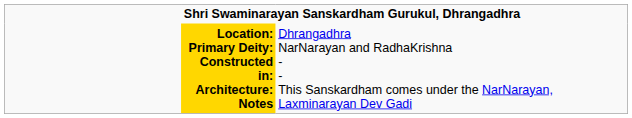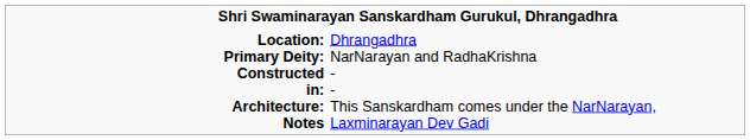 <table class="wikitable plain" border="0" width="800">
 <tr>
 <td width="220px" rowspan="2" style="border:none;"></td>
 <td valign="top" colspan=2 style="border:none;"><strong>Shri Swaminarayan Sanskardham Gurukul, Dhrangadhra</strong></td>
 </tr>
 <tr>
-<td valign="top" style="background: gold; text-align:right; border:none;"><strong>Location:</strong> <br><strong>Primary Deity:</strong><br><strong>Constructed in:</strong><br><strong>Architecture:</strong><br><strong>Notes</strong></td>
+<td valign="top" style="text-align:right; border:none;"><strong>Location:</strong> <br><strong>Primary Deity:</strong><br><strong>Constructed in:</strong><br><strong>Architecture:</strong><br><strong>Notes</strong></td>
 <td valign="top" style="border:none;"><a href='#'>Dhrangadhra</a> <br>NarNarayan and RadhaKrishna <br>- <br>- <br>This Sanskardham comes under the <a href='#'>NarNarayan, Laxminarayan Dev Gadi</a></td>
 </tr>
 </table>
